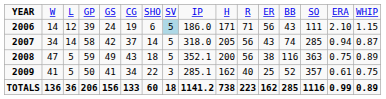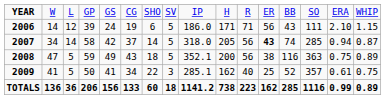 <table class="wikitable">
 <tr align=center>
 <td><strong>YEAR</strong></td>
 <td><a href='#'>W</a></td>
 <td><a href='#'>L</a></td>
 <td><a href='#'>GP</a></td>
 <td><a href='#'>GS</a></td>
 <td><a href='#'>CG</a></td>
 <td><a href='#'>SHO</a></td>
 <td><a href='#'>SV</a></td>
 <td><a href='#'>IP</a></td>
 <td><a href='#'>H</a></td>
 <td><a href='#'>R</a></td>
 <td><a href='#'>ER</a></td>
 <td><a href='#'>BB</a></td>
 <td><a href='#'>SO</a></td>
 <td><a href='#'>ERA</a></td>
 <td><a href='#'>WHIP</a></td>
 </tr>
 <tr align=center>
 <td><strong>2006</strong></td>
 <td>14</td>
 <td>12</td>
 <td>39</td>
 <td>24</td>
 <td>19</td>
 <td>6</td>
-<td style="background: lightblue;">5</td>
+<td>5</td>
 <td>186.0</td>
 <td>171</td>
 <td>71</td>
 <td>56</td>
 <td>43</td>
 <td>111</td>
 <td>2.10</td>
 <td>1.15</td>
 </tr>
 <tr align=center>
 <td><strong>2007</strong></td>
 <td>34</td>
 <td>14</td>
 <td>58</td>
 <td>42</td>
 <td>37</td>
 <td>14</td>
 <td>5</td>
 <td>318.0</td>
 <td>205</td>
 <td>56</td>
-<td>43</td>
+<td><strong>43</strong></td>
 <td>74</td>
 <td>285</td>
 <td>0.94</td>
 <td>0.87</td>
 </tr>
 <tr align=center>
 <td><strong>2008</strong></td>
 <td>47</td>
 <td>5</td>
 <td>59</td>
 <td>49</td>
 <td>43</td>
 <td>18</td>
 <td>5</td>
 <td>352.1</td>
 <td>200</td>
 <td>56</td>
 <td>38</td>
 <td>116</td>
 <td>363</td>
 <td>0.75</td>
 <td>0.89</td>
 </tr>
 <tr align=center>
 <td><strong>2009</strong></td>
 <td>41</td>
 <td>5</td>
 <td>50</td>
 <td>41</td>
 <td>34</td>
 <td>22</td>
 <td>3</td>
 <td>285.1</td>
 <td>162</td>
 <td>40</td>
 <td>25</td>
 <td>52</td>
 <td>357</td>
 <td>0.61</td>
 <td>0.75</td>
 </tr>
 <tr align=center>
 <td><strong>TOTALS</strong></td>
 <td><strong>136</strong></td>
 <td><strong>36</strong></td>
 <td><strong>206</strong></td>
 <td><strong>156</strong></td>
 <td><strong>133</strong></td>
 <td><strong>60</strong></td>
 <td><strong>18</strong></td>
 <td><strong>1141.2</strong></td>
 <td><strong>738</strong></td>
 <td><strong>223</strong></td>
 <td><strong>162</strong></td>
 <td><strong>285</strong></td>
 <td><strong>1116</strong></td>
 <td><strong>0.99</strong></td>
 <td><strong>0.89</strong></td>
 </tr>
 </table>
